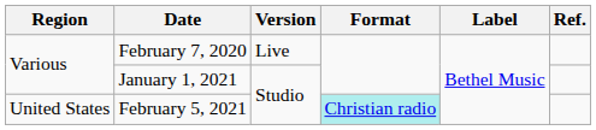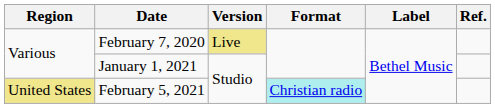 <table class="wikitable plainrowheaders">
 <tr>
 <th scope="col">Region</th>
 <th scope="col">Date</th>
 <th scope="col">Version</th>
 <th scope="col">Format</th>
 <th scope="col">Label</th>
 <th scope="col">Ref.</th>
 </tr>
 <tr>
 <td rowspan="2">Various</td>
 <td>February 7, 2020</td>
-<td>Live</td>
+<td style="background: khaki;">Live</td>
 <td rowspan="2"></td>
 <td rowspan="3"><a href='#'>Bethel Music</a></td>
 <td></td>
 </tr>
 <tr>
 <td>January 1, 2021</td>
 <td rowspan="2">Studio</td>
 <td></td>
 </tr>
 <tr>
-<td>United States</td>
+<td style="background: khaki;">United States</td>
 <td>February 5, 2021</td>
 <td style="background: paleturquoise;"><a href='#'>Christian radio</a></td>
 <td></td>
 </tr>
 </table>
